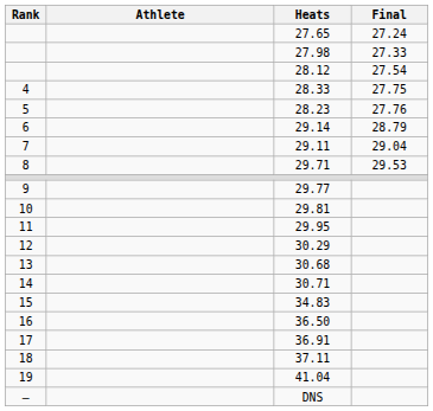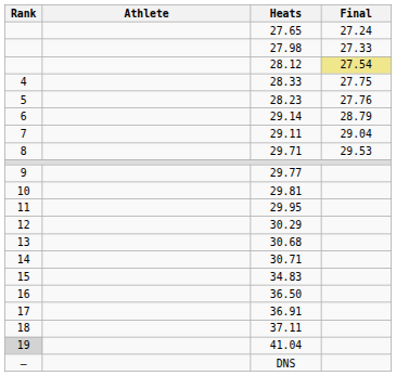 <table class=wikitable style="text-align:center">
 <tr>
 <th width=40>Rank</th>
 <th width=250>Athlete</th>
 <th width=80>Heats</th>
 <th width=80>Final</th>
 </tr>
 <tr>
 <td></td>
 <td align=left></td>
 <td>27.65</td>
 <td>27.24</td>
 </tr>
 <tr>
 <td></td>
 <td align=left></td>
 <td>27.98</td>
 <td>27.33</td>
 </tr>
 <tr>
 <td></td>
 <td align=left></td>
 <td>28.12</td>
-<td>27.54</td>
+<td style="background: khaki;">27.54</td>
 </tr>
 <tr>
 <td>4</td>
 <td align=left></td>
 <td>28.33</td>
 <td>27.75</td>
 </tr>
 <tr>
 <td>5</td>
 <td align=left></td>
 <td>28.23</td>
 <td>27.76</td>
 </tr>
 <tr>
 <td>6</td>
 <td align=left></td>
 <td>29.14</td>
 <td>28.79</td>
 </tr>
 <tr>
 <td>7</td>
 <td align=left></td>
 <td>29.11</td>
 <td>29.04</td>
 </tr>
 <tr>
 <td>8</td>
 <td align=left></td>
 <td>29.71</td>
 <td>29.53</td>
 </tr>
 <tr bgcolor=#DDDDDD>
 <td colspan=4></td>
 </tr>
 <tr>
 <td>9</td>
 <td align=left></td>
 <td>29.77</td>
 <td></td>
 </tr>
 <tr>
 <td>10</td>
 <td align=left></td>
 <td>29.81</td>
 <td></td>
 </tr>
 <tr>
 <td>11</td>
 <td align=left></td>
 <td>29.95</td>
 <td></td>
 </tr>
 <tr>
 <td>12</td>
 <td align=left></td>
 <td>30.29</td>
 <td></td>
 </tr>
 <tr>
 <td>13</td>
 <td align=left></td>
 <td>30.68</td>
 <td></td>
 </tr>
 <tr>
 <td>14</td>
 <td align=left></td>
 <td>30.71</td>
 <td></td>
 </tr>
 <tr>
 <td>15</td>
 <td align=left></td>
 <td>34.83</td>
 <td></td>
 </tr>
 <tr>
 <td>16</td>
 <td align=left></td>
 <td>36.50</td>
 <td></td>
 </tr>
 <tr>
 <td>17</td>
 <td align=left></td>
 <td>36.91</td>
 <td></td>
 </tr>
 <tr>
 <td>18</td>
 <td align=left></td>
 <td>37.11</td>
 <td></td>
 </tr>
 <tr>
-<td>19</td>
+<td style="background: lightgrey;">19</td>
 <td align=left></td>
 <td>41.04</td>
 <td></td>
 </tr>
 <tr>
 <td>—</td>
 <td align=left></td>
 <td>DNS</td>
 <td></td>
 </tr>
 </table>
